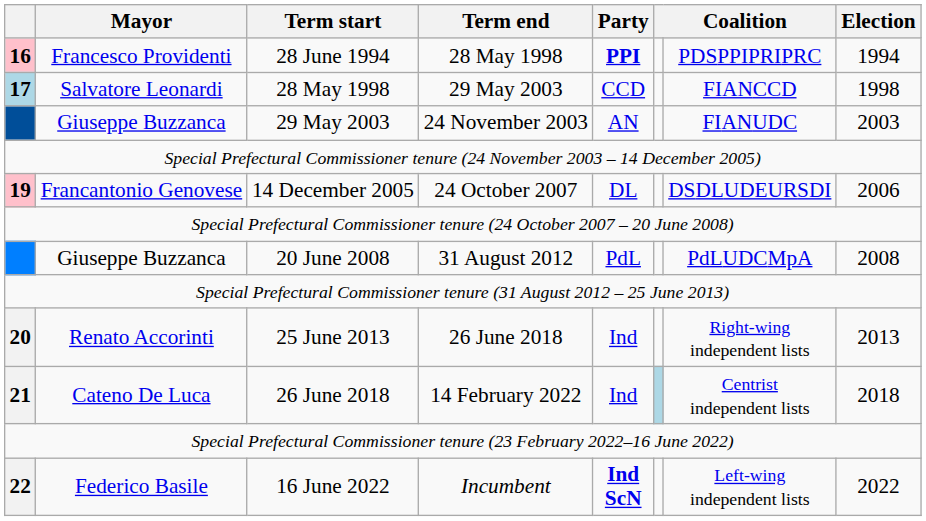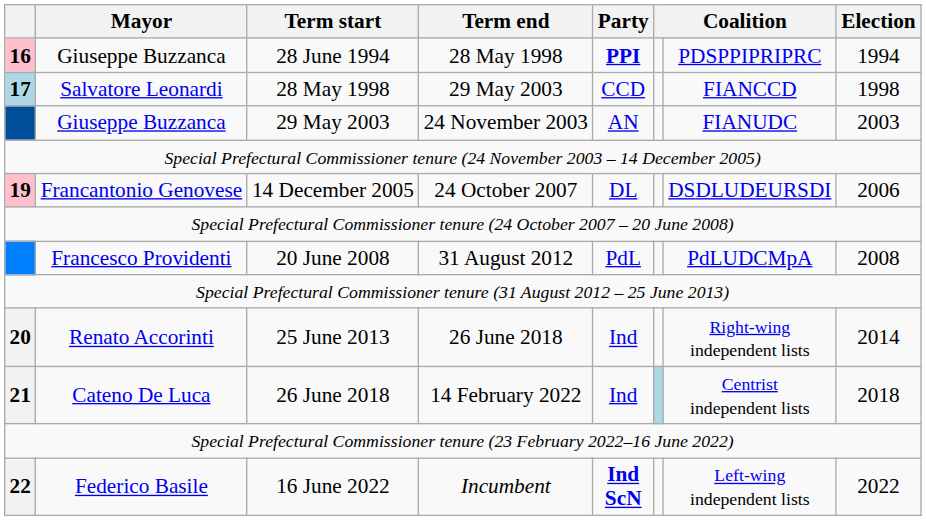 <table class="wikitable" style="text-align: center;">
 <tr>
 <th class=unsortable> </th>
 <th>Mayor</th>
 <th>Term start</th>
 <th>Term end</th>
 <th>Party</th>
 <th colspan="2">Coalition</th>
 <th>Election</th>
 </tr>
 <tr>
 <th style="background:pink;">16</th>
-<td><a href='#'>Francesco Providenti</a></td>
+<td>Giuseppe Buzzanca</td>
 <td>28 June 1994</td>
 <td>28 May 1998</td>
 <td><strong><a href='#'>PPI</a></strong></td>
 <td style="background: "></td>
 <td><a href='#'>PDS</a><a href='#'>PPI</a><a href='#'>PRI</a><a href='#'>PRC</a></td>
 <td>1994</td>
 </tr>
 <tr>
 <th style="background:#ADD8E6;">17</th>
 <td><a href='#'>Salvatore Leonardi</a></td>
 <td>28 May 1998</td>
 <td>29 May 2003</td>
 <td><a href='#'>CCD</a></td>
 <td style="background: "></td>
 <td><a href='#'>FI</a><a href='#'>AN</a><a href='#'>CCD</a></td>
 <td>1998</td>
 </tr>
 <tr>
 <th style="background:#004E99;"></th>
 <td><a href='#'>Giuseppe Buzzanca</a></td>
 <td>29 May 2003</td>
 <td>24 November 2003</td>
 <td><a href='#'>AN</a></td>
 <td style="background: "></td>
 <td><a href='#'>FI</a><a href='#'>AN</a><a href='#'>UDC</a></td>
 <td>2003</td>
 </tr>
 <tr>
 <td colspan="8"><small><em>Special Prefectural Commissioner tenure (24 November 2003 – 14 December 2005)</em></small></td>
 </tr>
 <tr>
 <th style="background:pink;">19</th>
 <td><a href='#'>Francantonio Genovese</a></td>
 <td>14 December 2005</td>
 <td>24 October 2007</td>
 <td><a href='#'>DL</a></td>
 <td style="background: "></td>
 <td><a href='#'>DS</a><a href='#'>DL</a><a href='#'>UDEUR</a><a href='#'>SDI</a></td>
 <td>2006</td>
 </tr>
 <tr>
 <td colspan="8"><small><em>Special Prefectural Commissioner tenure (24 October 2007 – 20 June 2008)</em></small></td>
 </tr>
 <tr>
 <th style="background:#007FFF;"></th>
-<td>Giuseppe Buzzanca</td>
+<td><a href='#'>Francesco Providenti</a></td>
 <td>20 June 2008</td>
 <td>31 August 2012</td>
 <td><a href='#'>PdL</a></td>
 <td style="background: "></td>
 <td><a href='#'>PdL</a><a href='#'>UDC</a><a href='#'>MpA</a></td>
 <td>2008</td>
 </tr>
 <tr>
 <td colspan="8"><small><em>Special Prefectural Commissioner tenure (31 August 2012 – 25 June 2013)</em></small></td>
 </tr>
 <tr>
 <th style="background:">20</th>
 <td><a href='#'>Renato Accorinti</a></td>
 <td>25 June 2013</td>
 <td>26 June 2018</td>
 <td><a href='#'>Ind</a></td>
 <td style="background:"></td>
 <td><small><a href='#'>Right-wing</a> <br>independent lists</small></td>
-<td>2013</td>
+<td>2014</td>
 </tr>
 <tr>
 <th style="background:">21</th>
 <td><a href='#'>Cateno De Luca</a></td>
 <td>26 June 2018</td>
 <td>14 February 2022</td>
 <td><a href='#'>Ind</a></td>
 <td style="background:#ADD8E6;"></td>
 <td><small><a href='#'>Centrist</a> <br>independent lists</small></td>
 <td>2018</td>
 </tr>
 <tr>
 <td colspan="8"><small><em>Special Prefectural Commissioner tenure (23 February 2022–16 June 2022)</em></small></td>
 </tr>
 <tr>
 <th style="background:">22</th>
 <td><a href='#'>Federico Basile</a></td>
 <td>16 June 2022</td>
 <td><em>Incumbent</em></td>
 <td><strong><a href='#'>Ind</a><br><a href='#'>ScN</a></strong></td>
 <td style="background:"></td>
 <td><small><a href='#'>Left-wing</a> <br>independent lists</small></td>
 <td>2022</td>
 </tr>
 </table>
